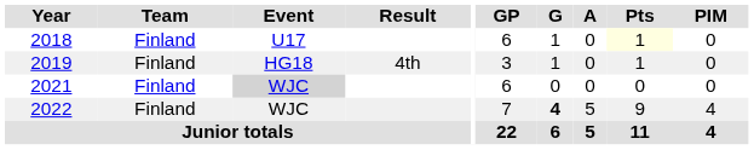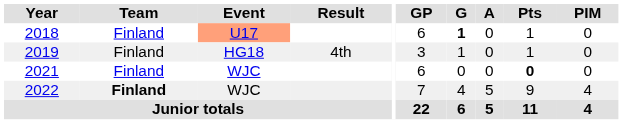 <table border="0" cellpadding="1" cellspacing="0" ID="Table3" style="text-align:center; width:40em">
 <tr ALIGN="center" bgcolor="#e0e0e0">
 <th>Year</th>
 <th>Team</th>
 <th>Event</th>
 <th>Result</th>
 <th rowspan="99" bgcolor="#ffffff"></th>
 <th>GP</th>
 <th>G</th>
 <th>A</th>
 <th>Pts</th>
 <th>PIM</th>
 </tr>
 <tr>
 <td><a href='#'>2018</a></td>
 <td><a href='#'>Finland</a></td>
-<td><a href='#'>U17</a></td>
+<td style="background: lightsalmon;"><a href='#'>U17</a></td>
 <td></td>
 <td>6</td>
+<td><strong>1</strong></td>
+<td>0</td>
 <td>1</td>
-<td>0</td>
-<td style="background: lightyellow;">1</td>
 <td>0</td>
 </tr>
 <tr bgcolor="#f0f0f0">
 <td><a href='#'>2019</a></td>
 <td>Finland</td>
 <td><a href='#'>HG18</a></td>
 <td>4th</td>
 <td>3</td>
 <td>1</td>
 <td>0</td>
 <td>1</td>
 <td>0</td>
 </tr>
 <tr>
 <td><a href='#'>2021</a></td>
 <td><a href='#'>Finland</a></td>
-<td style="background: lightgrey;"><a href='#'>WJC</a></td>
+<td><a href='#'>WJC</a></td>
 <td></td>
 <td>6</td>
 <td>0</td>
 <td>0</td>
-<td>0</td>
+<td><strong>0</strong></td>
 <td>0</td>
 </tr>
 <tr bgcolor="#f0f0f0">
 <td><a href='#'>2022</a></td>
-<td>Finland</td>
+<td><strong>Finland</strong></td>
 <td>WJC</td>
 <td></td>
 <td>7</td>
-<td><strong>4</strong></td>
+<td>4</td>
 <td>5</td>
 <td>9</td>
 <td>4</td>
 </tr>
 <tr ALIGN="center" bgcolor="#e0e0e0">
 <th colspan=4>Junior totals</th>
 <th>22</th>
 <th>6</th>
 <th>5</th>
 <th>11</th>
 <th>4</th>
 </tr>
 </table>
